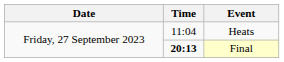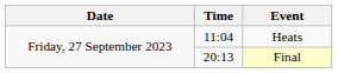 <table class = "wikitable" style="text-align:center;">
 <tr>
 <th width=220>Date</th>
 <th width=50>Time</th>
 <th width=100>Event</th>
 </tr>
 <tr>
 <td rowspan=2>Friday, 27 September 2023</td>
 <td>11:04</td>
 <td>Heats</td>
 </tr>
 <tr>
-<td><strong>20:13</strong></td>
+<td>20:13</td>
 <td bgcolor=ffffcc>Final</td>
 </tr>
 </table>
